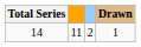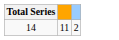 <table class="wikitable">
 <tr>
 <th>Total Series</th>
 <th style="background: Orange;"></th>
 <th style="background:#99ccff"></th>
-<th style="background:#deb887">Drawn</th>
 </tr>
 <tr>
 <td align="center">14</td>
 <td align="center">11</td>
 <td align="center">2</td>
-<td align="center">1</td>
 </tr>
 </table>
